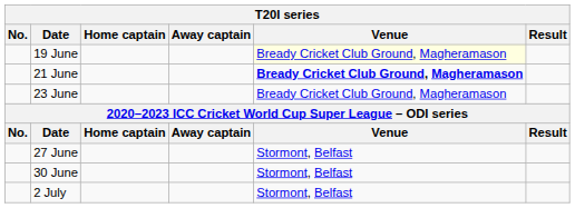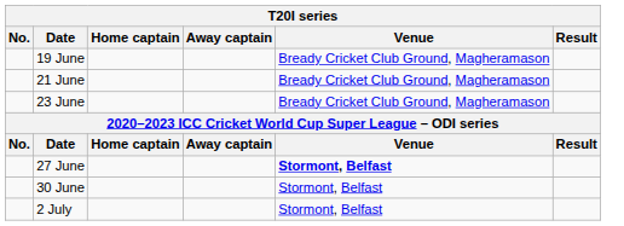 <table class="wikitable">
 <tr>
 <th colspan="9">T20I series</th>
 </tr>
 <tr>
 <th>No.</th>
 <th>Date</th>
 <th>Home captain</th>
 <th>Away captain</th>
 <th>Venue</th>
 <th>Result</th>
 </tr>
 <tr>
 <td></td>
 <td>19 June</td>
 <td></td>
 <td></td>
-<td style="background: lightyellow;"><a href='#'>Bready Cricket Club Ground</a>, <a href='#'>Magheramason</a></td>
+<td><a href='#'>Bready Cricket Club Ground</a>, <a href='#'>Magheramason</a></td>
 <td></td>
 </tr>
 <tr>
 <td></td>
 <td>21 June</td>
 <td></td>
 <td></td>
-<td><strong><a href='#'>Bready Cricket Club Ground</a>, <a href='#'>Magheramason</a></strong></td>
+<td><a href='#'>Bready Cricket Club Ground</a>, <a href='#'>Magheramason</a></td>
 <td></td>
 </tr>
 <tr>
 <td></td>
 <td>23 June</td>
 <td></td>
 <td></td>
 <td><a href='#'>Bready Cricket Club Ground</a>, <a href='#'>Magheramason</a></td>
 <td></td>
 </tr>
 <tr>
 <th colspan="9"><a href='#'>2020–2023 ICC Cricket World Cup Super League</a> – ODI series</th>
 </tr>
 <tr>
 <th>No.</th>
 <th>Date</th>
 <th>Home captain</th>
 <th>Away captain</th>
 <th>Venue</th>
 <th>Result</th>
 </tr>
 <tr>
 <td></td>
 <td>27 June</td>
 <td></td>
 <td></td>
-<td><a href='#'>Stormont</a>, <a href='#'>Belfast</a></td>
+<td><strong><a href='#'>Stormont</a>, <a href='#'>Belfast</a></strong></td>
 <td></td>
 </tr>
 <tr>
 <td></td>
 <td>30 June</td>
 <td></td>
 <td></td>
 <td><a href='#'>Stormont</a>, <a href='#'>Belfast</a></td>
 <td></td>
 </tr>
 <tr>
 <td></td>
 <td>2 July</td>
 <td></td>
 <td></td>
 <td><a href='#'>Stormont</a>, <a href='#'>Belfast</a></td>
 <td></td>
 </tr>
 </table>
